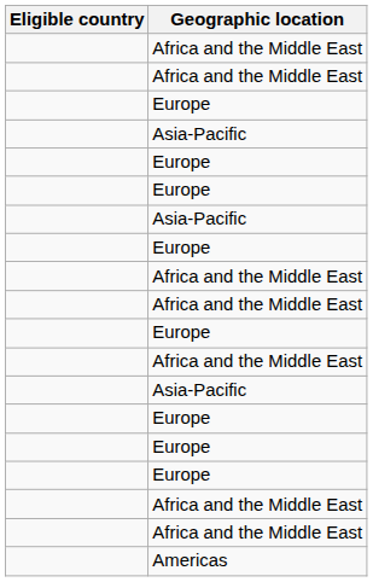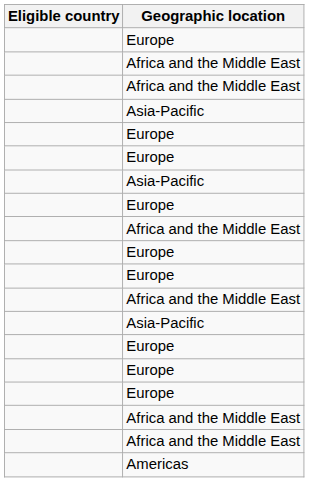 <table class="wikitable sortable">
 <tr>
 <th>Eligible country</th>
 <th>Geographic location</th>
+</tr>
+<tr>
+<td></td>
+<td>Europe</td>
 </tr>
 <tr>
 <td></td>
 <td>Africa and the Middle East</td>
 </tr>
 <tr>
 <td></td>
 <td>Africa and the Middle East</td>
-</tr>
-<tr>
-<td></td>
-<td>Europe</td>
 </tr>
 <tr>
 <td></td>
 <td>Asia-Pacific</td>
 </tr>
 <tr>
 <td></td>
 <td>Europe</td>
 </tr>
 <tr>
 <td></td>
 <td>Europe</td>
 </tr>
 <tr>
 <td></td>
 <td>Asia-Pacific</td>
 </tr>
 <tr>
 <td></td>
 <td>Europe</td>
 </tr>
 <tr>
 <td></td>
 <td>Africa and the Middle East</td>
 </tr>
 <tr>
 <td></td>
-<td>Africa and the Middle East</td>
+<td>Europe</td>
 </tr>
 <tr>
 <td></td>
 <td>Europe</td>
 </tr>
 <tr>
 <td></td>
 <td>Africa and the Middle East</td>
 </tr>
 <tr>
 <td></td>
 <td>Asia-Pacific</td>
 </tr>
 <tr>
 <td></td>
 <td>Europe</td>
 </tr>
 <tr>
 <td></td>
 <td>Europe</td>
 </tr>
 <tr>
 <td></td>
 <td>Europe</td>
 </tr>
 <tr>
 <td></td>
 <td>Africa and the Middle East</td>
 </tr>
 <tr>
 <td></td>
 <td>Africa and the Middle East</td>
 </tr>
 <tr>
 <td></td>
 <td>Americas</td>
 </tr>
 </table>
